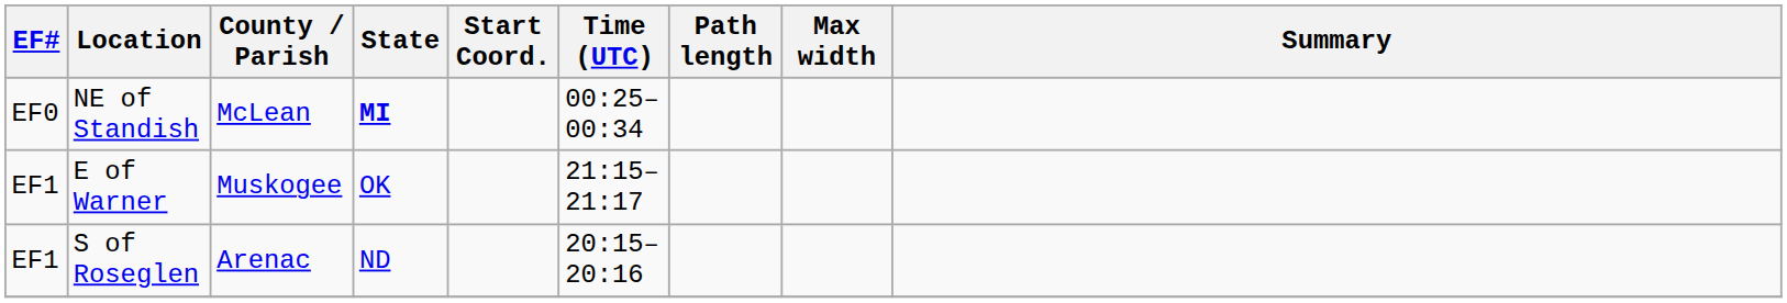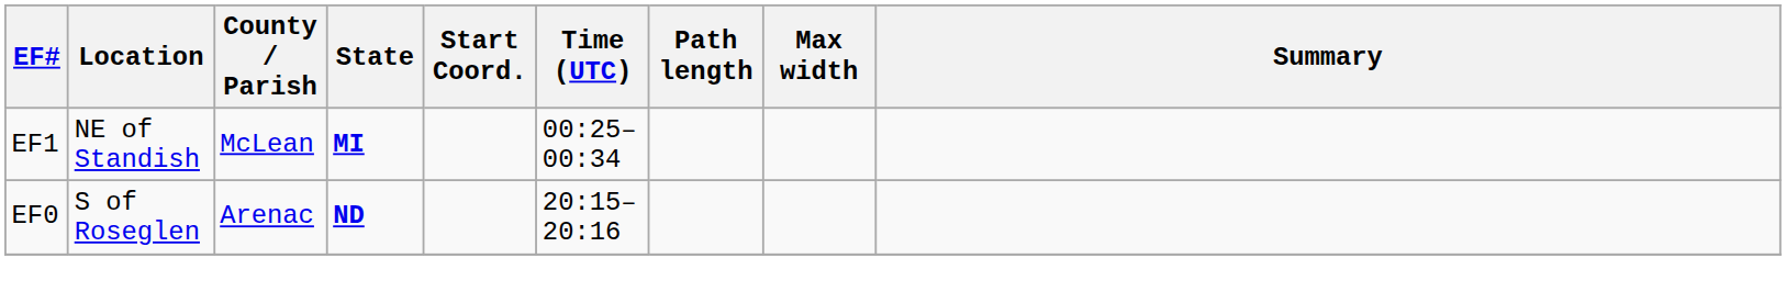 <table class="wikitable sortable" style="width:100%;">
 <tr>
 <th scope="col"  style="width:3%; text-align:center;"><a href='#'>EF#</a></th>
 <th scope="col"  style="width:7%; text-align:center;" class="unsortable">Location</th>
 <th scope="col"  style="width:6%; text-align:center;" class="unsortable">County / Parish</th>
 <th scope="col"  style="width:5%; text-align:center;">State</th>
 <th scope="col"  style="width:6%; text-align:center;">Start Coord.</th>
 <th scope="col"  style="width:6%; text-align:center;">Time (<a href='#'>UTC</a>)</th>
 <th scope="col"  style="width:6%; text-align:center;">Path length</th>
 <th scope="col"  style="width:6%; text-align:center;">Max width</th>
 <th scope="col" class="unsortable" style="width:48%; text-align:center;">Summary</th>
 </tr>
 <tr>
-<td>EF0</td>
+<td>EF1</td>
 <td>NE of <a href='#'>Standish</a></td>
 <td><a href='#'>McLean</a></td>
 <td><strong><a href='#'>MI</a></strong></td>
 <td></td>
 <td>00:25–00:34</td>
 <td></td>
 <td></td>
 <td></td>
 </tr>
 <tr>
-<td>EF1</td>
-<td>E of <a href='#'>Warner</a></td>
-<td><a href='#'>Muskogee</a></td>
-<td><a href='#'>OK</a></td>
-<td></td>
-<td>21:15–21:17</td>
-<td></td>
-<td></td>
-<td></td>
-</tr>
-<tr>
-<td>EF1</td>
+<td>EF0</td>
 <td>S of <a href='#'>Roseglen</a></td>
 <td><a href='#'>Arenac</a></td>
-<td><a href='#'>ND</a></td>
+<td><strong><a href='#'>ND</a></strong></td>
 <td></td>
 <td>20:15–20:16</td>
 <td></td>
 <td></td>
 <td></td>
 </tr>
 <tr>
 </tr>
 </table>
